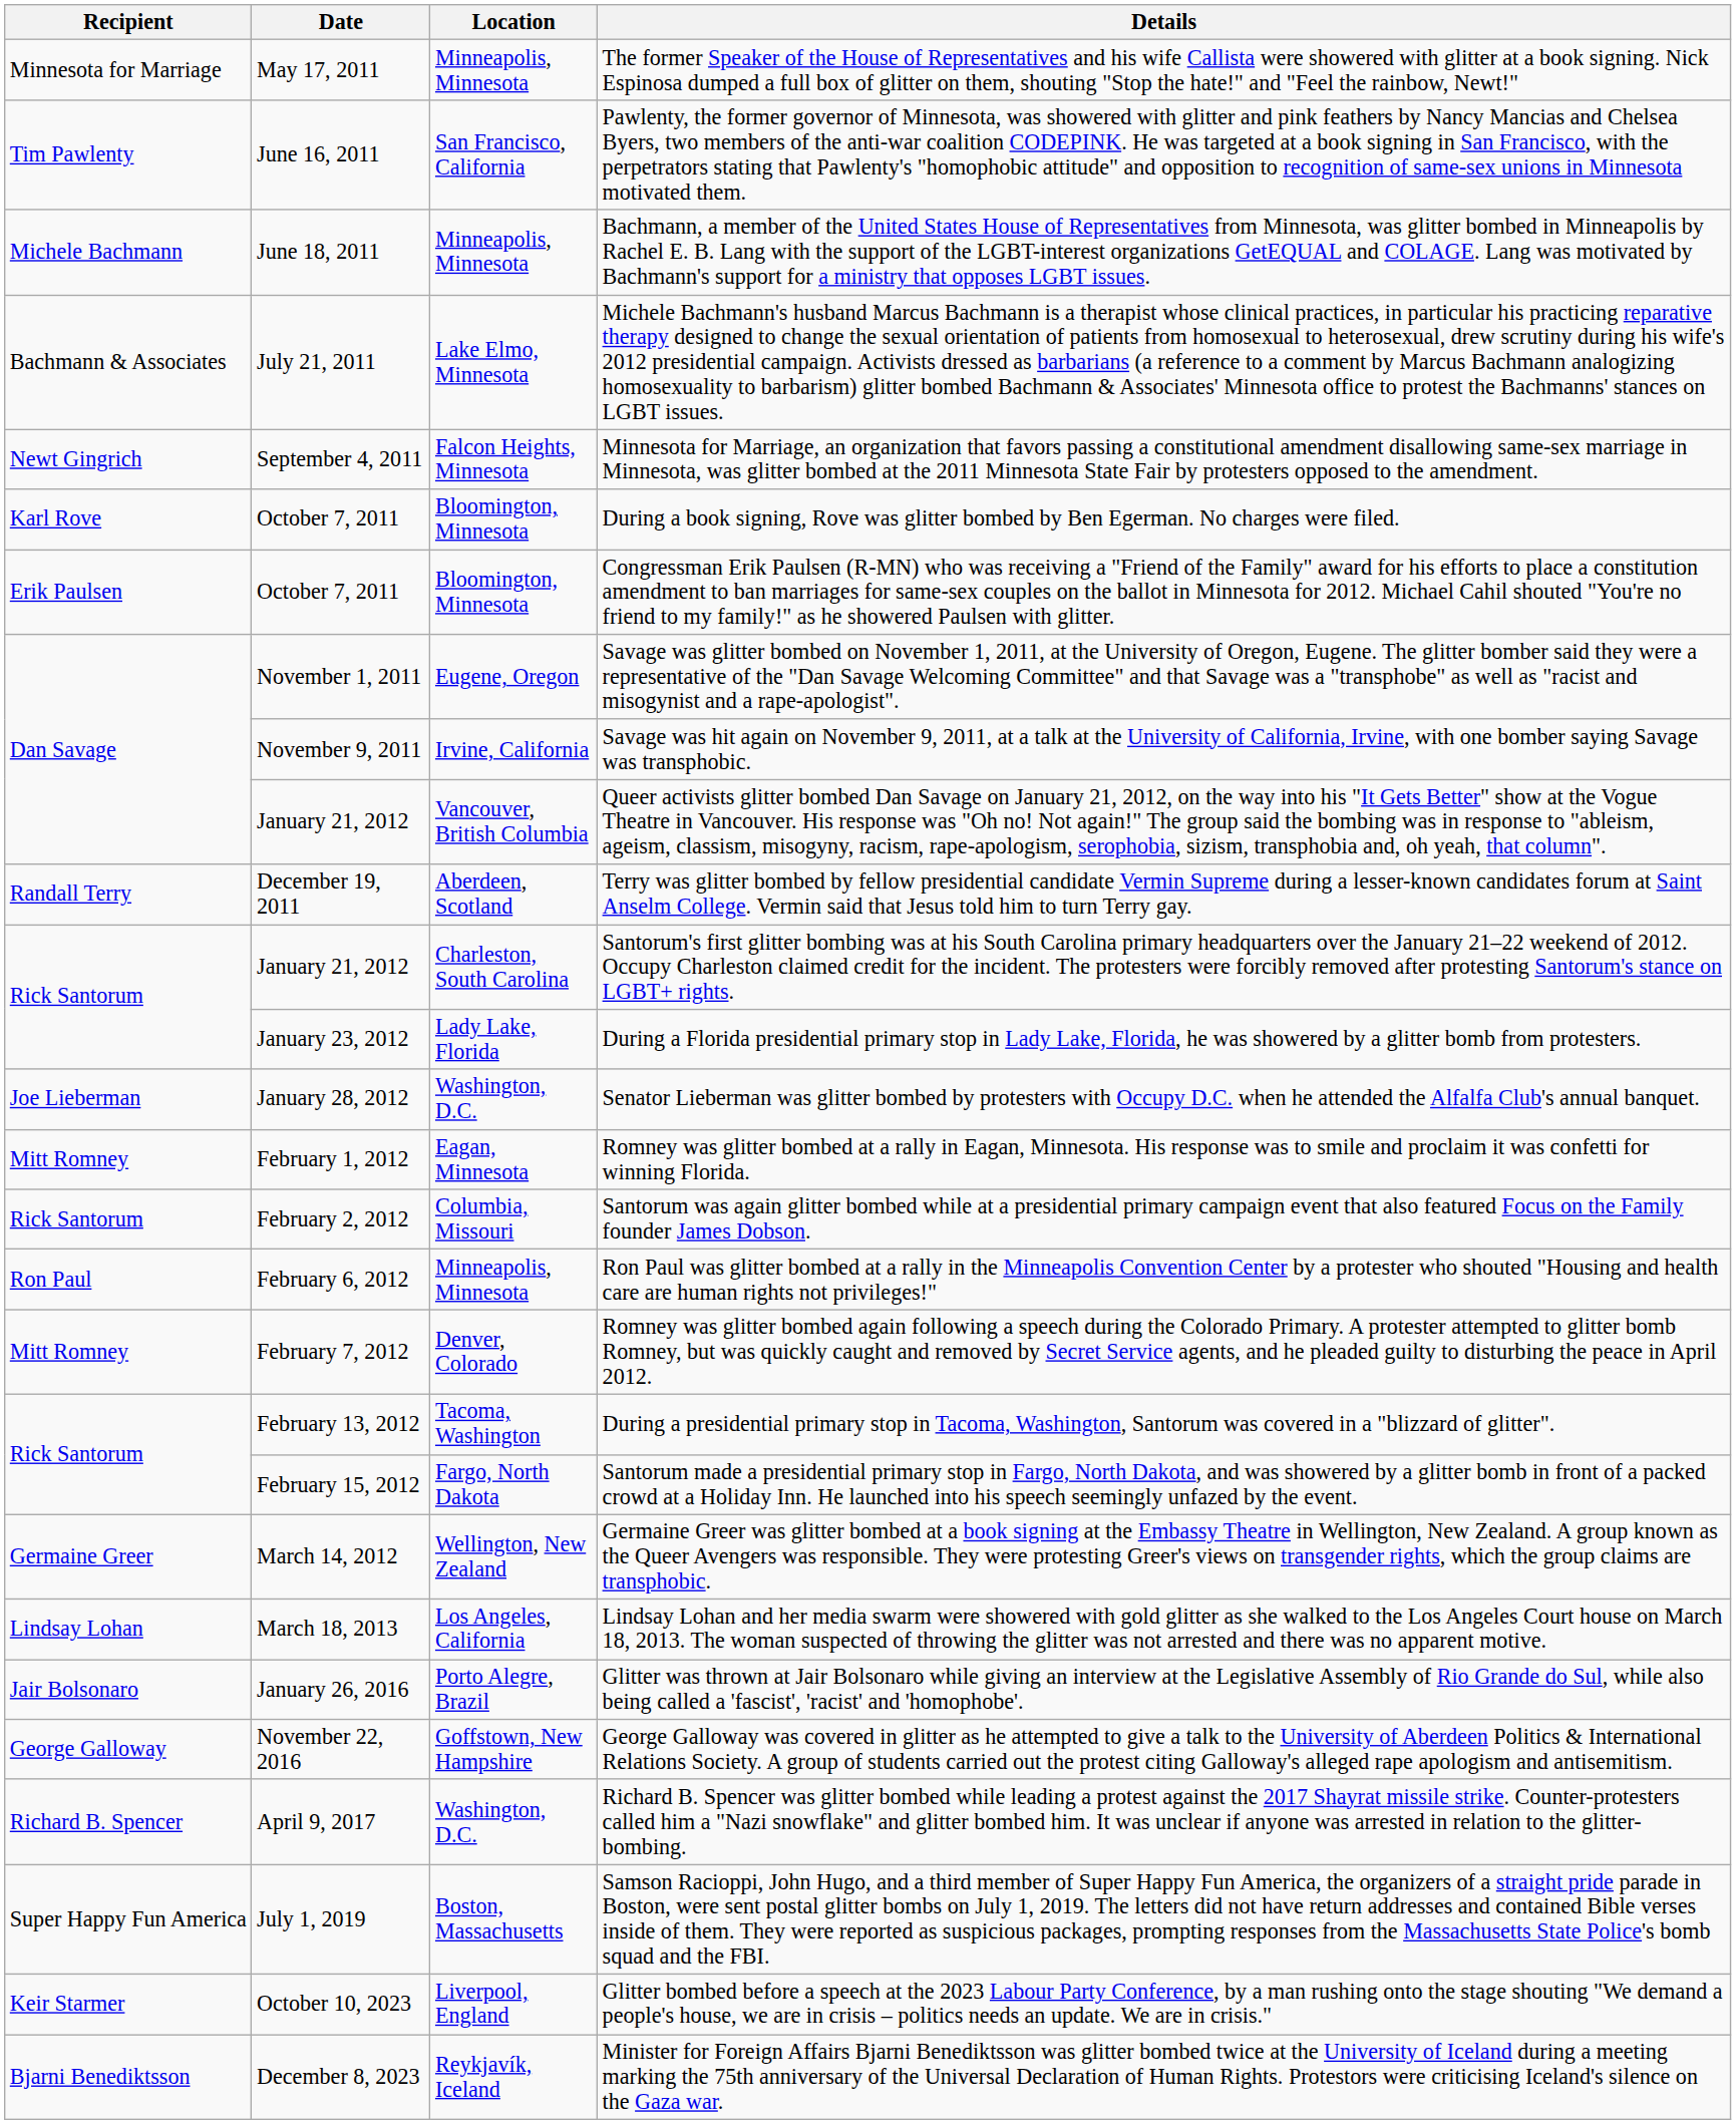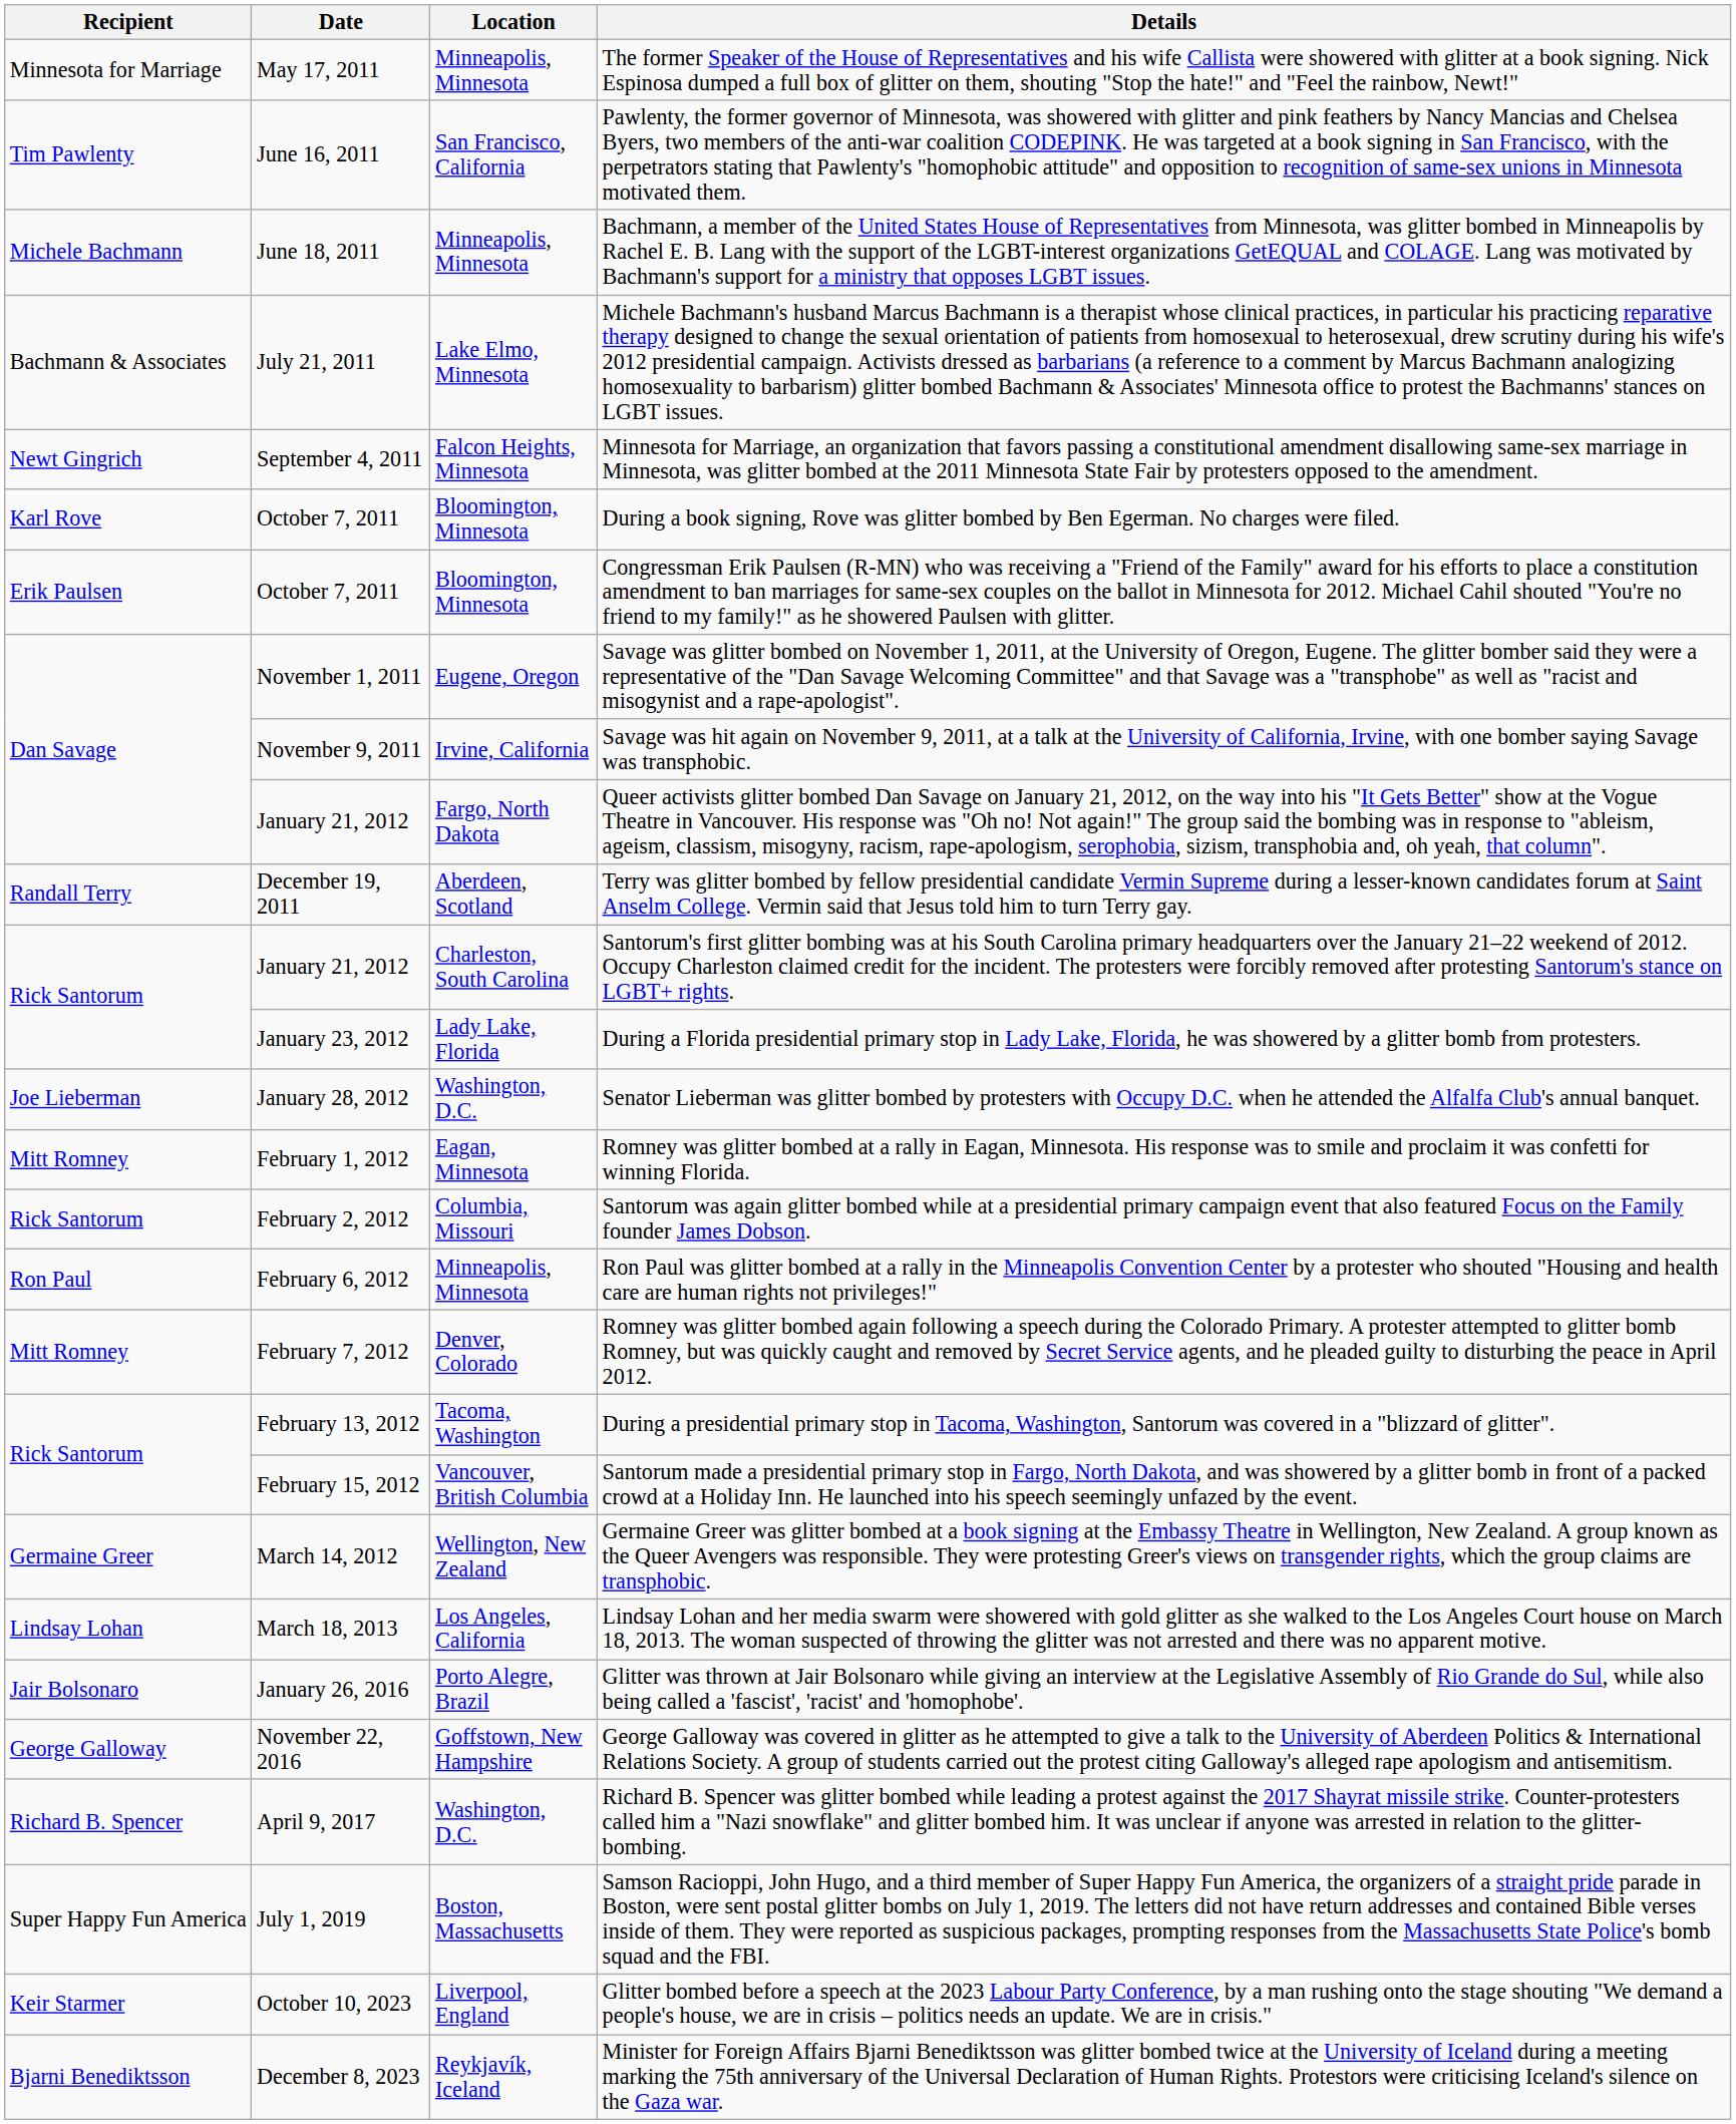 <table class="wikitable sortable">
 <tr valign=bottom>
 <th>Recipient</th>
 <th>Date</th>
 <th>Location</th>
 <th class="unsortable">Details</th>
 </tr>
 <tr>
 <td align=left nowrap>Minnesota for Marriage</td>
 <td>May 17, 2011</td>
 <td><a href='#'>Minneapolis</a>, <a href='#'>Minnesota</a></td>
 <td>The former <a href='#'>Speaker of the House of Representatives</a> and his wife <a href='#'>Callista</a> were showered with glitter at a book signing. Nick Espinosa dumped a full box of glitter on them, shouting "Stop the hate!" and "Feel the rainbow, Newt!"</td>
 </tr>
 <tr>
 <td align=left nowrap> <a href='#'>Tim Pawlenty</a></td>
 <td>June 16, 2011</td>
 <td><a href='#'>San Francisco</a>, <a href='#'>California</a></td>
 <td>Pawlenty, the former governor of Minnesota, was showered with glitter and pink feathers by Nancy Mancias and Chelsea Byers, two members of the anti-war coalition <a href='#'>CODEPINK</a>. He was targeted at a book signing in <a href='#'>San Francisco</a>, with the perpetrators stating that Pawlenty's "homophobic attitude" and opposition to <a href='#'>recognition of same-sex unions in Minnesota</a> motivated them.</td>
 </tr>
 <tr>
 <td align=left nowrap> <a href='#'>Michele Bachmann</a></td>
 <td>June 18, 2011</td>
 <td><a href='#'>Minneapolis</a>, <a href='#'>Minnesota</a></td>
 <td>Bachmann, a member of the <a href='#'>United States House of Representatives</a> from Minnesota, was glitter bombed in Minneapolis by Rachel E. B. Lang with the support of the LGBT-interest organizations <a href='#'>GetEQUAL</a> and <a href='#'>COLAGE</a>. Lang was motivated by Bachmann's support for <a href='#'>a ministry that opposes LGBT issues</a>.</td>
 </tr>
 <tr>
 <td align=left nowrap>Bachmann & Associates</td>
 <td>July 21, 2011</td>
 <td><a href='#'>Lake Elmo, Minnesota</a></td>
 <td>Michele Bachmann's husband Marcus Bachmann is a therapist whose clinical practices, in particular his practicing <a href='#'>reparative therapy</a> designed to change the sexual orientation of patients from homosexual to heterosexual, drew scrutiny during his wife's 2012 presidential campaign. Activists dressed as <a href='#'>barbarians</a> (a reference to a comment by Marcus Bachmann analogizing homosexuality to barbarism) glitter bombed Bachmann & Associates' Minnesota office to protest the Bachmanns' stances on LGBT issues.</td>
 </tr>
 <tr>
 <td align=left nowrap> <a href='#'>Newt Gingrich</a></td>
 <td style="white-space: nowrap;">September 4, 2011</td>
 <td><a href='#'>Falcon Heights, Minnesota</a></td>
 <td>Minnesota for Marriage, an organization that favors passing a constitutional amendment disallowing same-sex marriage in Minnesota, was glitter bombed at the 2011 Minnesota State Fair by protesters opposed to the amendment.</td>
 </tr>
 <tr>
 <td align=left nowrap> <a href='#'>Karl Rove</a></td>
 <td>October 7, 2011</td>
 <td><a href='#'>Bloomington, Minnesota</a></td>
 <td>During a book signing, Rove was glitter bombed by Ben Egerman. No charges were filed.</td>
 </tr>
 <tr>
 <td align=left nowrap> <a href='#'>Erik Paulsen</a></td>
 <td>October 7, 2011</td>
 <td><a href='#'>Bloomington, Minnesota</a></td>
 <td>Congressman Erik Paulsen (R-MN) who was receiving a "Friend of the Family" award for his efforts to place a constitution amendment to ban marriages for same-sex couples on the ballot in Minnesota for 2012. Michael Cahil shouted "You're no friend to my family!" as he showered Paulsen with glitter.</td>
 </tr>
 <tr>
 <td rowspan="3" align=left nowrap> <a href='#'>Dan Savage</a></td>
 <td>November 1, 2011</td>
 <td><a href='#'>Eugene, Oregon</a></td>
 <td>Savage was glitter bombed on November 1, 2011, at the University of Oregon, Eugene. The glitter bomber said they were a representative of the "Dan Savage Welcoming Committee" and that Savage was a "transphobe" as well as "racist and misogynist and a rape-apologist".</td>
 </tr>
 <tr>
 <td>November 9, 2011</td>
 <td><a href='#'>Irvine, California</a></td>
 <td>Savage was hit again on November 9, 2011, at a talk at the <a href='#'>University of California, Irvine</a>, with one bomber saying Savage was transphobic.</td>
 </tr>
 <tr>
 <td>January 21, 2012</td>
-<td><a href='#'>Vancouver</a>, <a href='#'>British Columbia</a></td>
+<td><a href='#'>Fargo, North Dakota</a></td>
 <td>Queer activists glitter bombed Dan Savage on January 21, 2012, on the way into his "<a href='#'>It Gets Better</a>" show at the Vogue Theatre in Vancouver. His response was "Oh no! Not again!" The group said the bombing was in response to "ableism, ageism, classism, misogyny, racism, rape-apologism, <a href='#'>serophobia</a>, sizism, transphobia and, oh yeah, <a href='#'>that column</a>".</td>
 </tr>
 <tr>
 <td align=left nowrap> <a href='#'>Randall Terry</a></td>
 <td>December 19, 2011</td>
 <td><a href='#'>Aberdeen</a>, <a href='#'>Scotland</a></td>
 <td>Terry was glitter bombed by fellow presidential candidate <a href='#'>Vermin Supreme</a> during a lesser-known candidates forum at <a href='#'>Saint Anselm College</a>. Vermin said that Jesus told him to turn Terry gay.</td>
 </tr>
 <tr>
 <td rowspan="2" align=left nowrap> <a href='#'>Rick Santorum</a></td>
 <td>January 21, 2012</td>
 <td><a href='#'>Charleston, South Carolina</a></td>
 <td>Santorum's first glitter bombing was at his South Carolina primary headquarters over the January 21–22 weekend of 2012. Occupy Charleston claimed credit for the incident. The protesters were forcibly removed after protesting <a href='#'>Santorum's stance on LGBT+ rights</a>.</td>
 </tr>
 <tr>
 <td>January 23, 2012</td>
 <td><a href='#'>Lady Lake, Florida</a></td>
 <td>During a Florida presidential primary stop in <a href='#'>Lady Lake, Florida</a>, he was showered by a glitter bomb from protesters.</td>
 </tr>
 <tr>
 <td align=left nowrap> <a href='#'>Joe Lieberman</a></td>
 <td>January 28, 2012</td>
 <td><a href='#'>Washington, D.C.</a></td>
 <td>Senator Lieberman was glitter bombed by protesters with <a href='#'>Occupy D.C.</a> when he attended the <a href='#'>Alfalfa Club</a>'s annual banquet.</td>
 </tr>
 <tr>
 <td align=left nowrap> <a href='#'>Mitt Romney</a></td>
 <td>February 1, 2012</td>
 <td><a href='#'>Eagan, Minnesota</a></td>
 <td>Romney was glitter bombed at a rally in Eagan, Minnesota. His response was to smile and proclaim it was confetti for winning Florida.</td>
 </tr>
 <tr>
 <td align=left nowrap> <a href='#'>Rick Santorum</a></td>
 <td>February 2, 2012</td>
 <td><a href='#'>Columbia, Missouri</a></td>
 <td>Santorum was again glitter bombed while at a presidential primary campaign event that also featured <a href='#'>Focus on the Family</a> founder <a href='#'>James Dobson</a>.</td>
 </tr>
 <tr>
 <td align=left nowrap> <a href='#'>Ron Paul</a></td>
 <td>February 6, 2012</td>
 <td><a href='#'>Minneapolis</a>, <a href='#'>Minnesota</a></td>
 <td>Ron Paul was glitter bombed at a rally in the <a href='#'>Minneapolis Convention Center</a> by a protester who shouted "Housing and health care are human rights not privileges!"</td>
 </tr>
 <tr>
 <td align=left nowrap> <a href='#'>Mitt Romney</a></td>
 <td>February 7, 2012</td>
 <td><a href='#'>Denver</a>, <a href='#'>Colorado</a></td>
 <td>Romney was glitter bombed again following a speech during the Colorado Primary. A protester attempted to glitter bomb Romney, but was quickly caught and removed by <a href='#'>Secret Service</a> agents, and he pleaded guilty to disturbing the peace in April 2012.</td>
 </tr>
 <tr>
 <td rowspan="2" align=left nowrap> <a href='#'>Rick Santorum</a></td>
 <td>February 13, 2012</td>
 <td><a href='#'>Tacoma, Washington</a></td>
 <td>During a presidential primary stop in <a href='#'>Tacoma, Washington</a>, Santorum was covered in a "blizzard of glitter".</td>
 </tr>
 <tr>
 <td>February 15, 2012</td>
-<td><a href='#'>Fargo, North Dakota</a></td>
+<td><a href='#'>Vancouver</a>, <a href='#'>British Columbia</a></td>
 <td>Santorum made a presidential primary stop in <a href='#'>Fargo, North Dakota</a>, and was showered by a glitter bomb in front of a packed crowd at a Holiday Inn. He launched into his speech seemingly unfazed by the event.</td>
 </tr>
 <tr>
 <td align=left nowrap> <a href='#'>Germaine Greer</a></td>
 <td>March 14, 2012</td>
 <td><a href='#'>Wellington</a>, <a href='#'>New Zealand</a></td>
 <td>Germaine Greer was glitter bombed at a <a href='#'>book signing</a> at the <a href='#'>Embassy Theatre</a> in Wellington, New Zealand. A group known as the Queer Avengers was responsible. They were protesting Greer's views on <a href='#'>transgender rights</a>, which the group claims are <a href='#'>transphobic</a>.</td>
 </tr>
 <tr>
 <td align=left nowrap> <a href='#'>Lindsay Lohan</a></td>
 <td>March 18, 2013</td>
 <td><a href='#'>Los Angeles</a>, <a href='#'>California</a></td>
 <td>Lindsay Lohan and her media swarm were showered with gold glitter as she walked to the Los Angeles Court house on March 18, 2013. The woman suspected of throwing the glitter was not arrested and there was no apparent motive.</td>
 </tr>
 <tr>
 <td align=left nowrap> <a href='#'>Jair Bolsonaro</a></td>
 <td>January 26, 2016</td>
 <td><a href='#'>Porto Alegre</a>, <a href='#'>Brazil</a></td>
 <td>Glitter was thrown at Jair Bolsonaro while giving an interview at the Legislative Assembly of <a href='#'>Rio Grande do Sul</a>, while also being called a 'fascist', 'racist' and 'homophobe'.</td>
 </tr>
 <tr>
 <td align=left nowrap> <a href='#'>George Galloway</a></td>
 <td>November 22, 2016</td>
 <td><a href='#'>Goffstown, New Hampshire</a></td>
 <td>George Galloway was covered in glitter as he attempted to give a talk to the <a href='#'>University of Aberdeen</a> Politics & International Relations Society. A group of students carried out the protest citing Galloway's alleged rape apologism and antisemitism.</td>
 </tr>
 <tr>
 <td align=left nowrap> <a href='#'>Richard B. Spencer</a></td>
 <td>April 9, 2017</td>
 <td><a href='#'>Washington, D.C.</a></td>
 <td>Richard B. Spencer was glitter bombed while leading a protest against the <a href='#'>2017 Shayrat missile strike</a>. Counter-protesters called him a "Nazi snowflake" and glitter bombed him. It was unclear if anyone was arrested in relation to the glitter-bombing.</td>
 </tr>
 <tr>
 <td align=left nowrap>Super Happy Fun America</td>
 <td>July 1, 2019</td>
 <td><a href='#'>Boston, Massachusetts</a></td>
 <td>Samson Racioppi, John Hugo, and a third member of Super Happy Fun America, the organizers of a <a href='#'>straight pride</a> parade in Boston, were sent postal glitter bombs on July 1, 2019. The letters did not have return addresses and contained Bible verses inside of them. They were reported as suspicious packages, prompting responses from the <a href='#'>Massachusetts State Police</a>'s bomb squad and the FBI.</td>
 </tr>
 <tr>
 <td align=left nowrap> <a href='#'>Keir Starmer</a></td>
 <td>October 10, 2023</td>
 <td><a href='#'>Liverpool, England</a></td>
 <td>Glitter bombed before a speech at the 2023 <a href='#'>Labour Party Conference</a>, by a man rushing onto the stage shouting "We demand a people's house, we are in crisis –  politics needs an update. We are in crisis."</td>
 </tr>
 <tr>
 <td> <a href='#'>Bjarni Benediktsson</a></td>
 <td>December 8, 2023</td>
 <td><a href='#'>Reykjavík, Iceland</a></td>
 <td>Minister for Foreign Affairs Bjarni Benediktsson was glitter bombed twice at the <a href='#'>University of Iceland</a> during a meeting marking the 75th anniversary of the Universal Declaration of Human Rights. Protestors were criticising Iceland's silence on the <a href='#'>Gaza war</a>.</td>
 </tr>
 </table>
